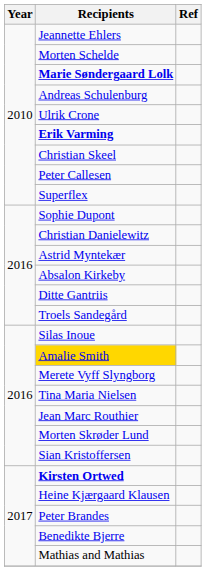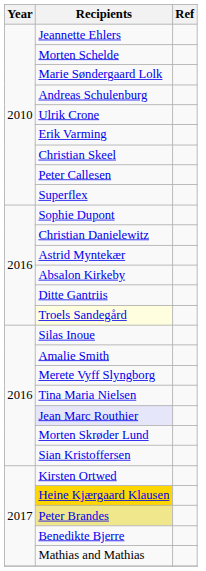 <table class="wikitable sortable">
 <tr>
 <th>Year</th>
 <th>Recipients</th>
 <th>Ref</th>
 </tr>
 <tr>
 <td rowspan="9">2010</td>
 <td><a href='#'>Jeannette Ehlers</a></td>
 <td></td>
 </tr>
 <tr>
 <td><a href='#'>Morten Schelde</a></td>
 <td></td>
 </tr>
 <tr>
-<td><strong><a href='#'>Marie Søndergaard Lolk</a></strong></td>
+<td><a href='#'>Marie Søndergaard Lolk</a></td>
 <td></td>
 </tr>
 <tr>
 <td><a href='#'>Andreas Schulenburg</a></td>
 <td></td>
 </tr>
 <tr>
 <td><a href='#'>Ulrik Crone</a></td>
 <td></td>
 </tr>
 <tr>
-<td><strong><a href='#'>Erik Varming</a></strong></td>
+<td><a href='#'>Erik Varming</a></td>
 <td></td>
 </tr>
 <tr>
 <td><a href='#'>Christian Skeel</a></td>
 <td></td>
 </tr>
 <tr>
 <td><a href='#'>Peter Callesen</a></td>
 <td></td>
 </tr>
 <tr>
 <td><a href='#'>Superflex</a></td>
 <td></td>
 </tr>
 <tr>
 <td rowspan="6">2016</td>
 <td><a href='#'>Sophie Dupont</a></td>
 <td></td>
 </tr>
 <tr>
 <td><a href='#'>Christian Danielewitz</a></td>
 <td></td>
 </tr>
 <tr>
 <td><a href='#'>Astrid Myntekær</a></td>
 <td></td>
 </tr>
 <tr>
 <td><a href='#'>Absalon Kirkeby</a></td>
 <td></td>
 </tr>
 <tr>
 <td><a href='#'>Ditte Gantriis</a></td>
 <td></td>
 </tr>
 <tr>
-<td><a href='#'>Troels Sandegård</a></td>
+<td style="background: lightyellow;"><a href='#'>Troels Sandegård</a></td>
 <td></td>
 </tr>
 <tr>
 <td rowspan="7">2016</td>
 <td><a href='#'>Silas Inoue</a></td>
 <td></td>
 </tr>
 <tr>
-<td style="background: gold;"><a href='#'>Amalie Smith</a></td>
+<td><a href='#'>Amalie Smith</a></td>
 <td></td>
 </tr>
 <tr>
 <td><a href='#'>Merete Vyff Slyngborg</a></td>
 <td></td>
 </tr>
 <tr>
 <td><a href='#'>Tina Maria Nielsen</a></td>
 <td></td>
 </tr>
 <tr>
-<td><a href='#'>Jean Marc Routhier</a></td>
+<td style="background: lavender;"><a href='#'>Jean Marc Routhier</a></td>
 <td></td>
 </tr>
 <tr>
 <td><a href='#'>Morten Skrøder Lund</a></td>
 <td></td>
 </tr>
 <tr>
 <td><a href='#'>Sian Kristoffersen</a></td>
 <td></td>
 </tr>
 <tr>
 <td rowspan="5">2017</td>
-<td><strong><a href='#'>Kirsten Ortwed</a></strong></td>
+<td><a href='#'>Kirsten Ortwed</a></td>
 <td></td>
 </tr>
 <tr>
-<td><a href='#'>Heine Kjærgaard Klausen</a></td>
+<td style="background: gold;"><a href='#'>Heine Kjærgaard Klausen</a></td>
 <td></td>
 </tr>
 <tr>
-<td><a href='#'>Peter Brandes</a></td>
+<td style="background: khaki;"><a href='#'>Peter Brandes</a></td>
 <td></td>
 </tr>
 <tr>
 <td><a href='#'>Benedikte Bjerre</a></td>
 <td></td>
 </tr>
 <tr>
 <td>Mathias and Mathias</td>
 <td></td>
 </tr>
 <tr>
 </tr>
 </table>
